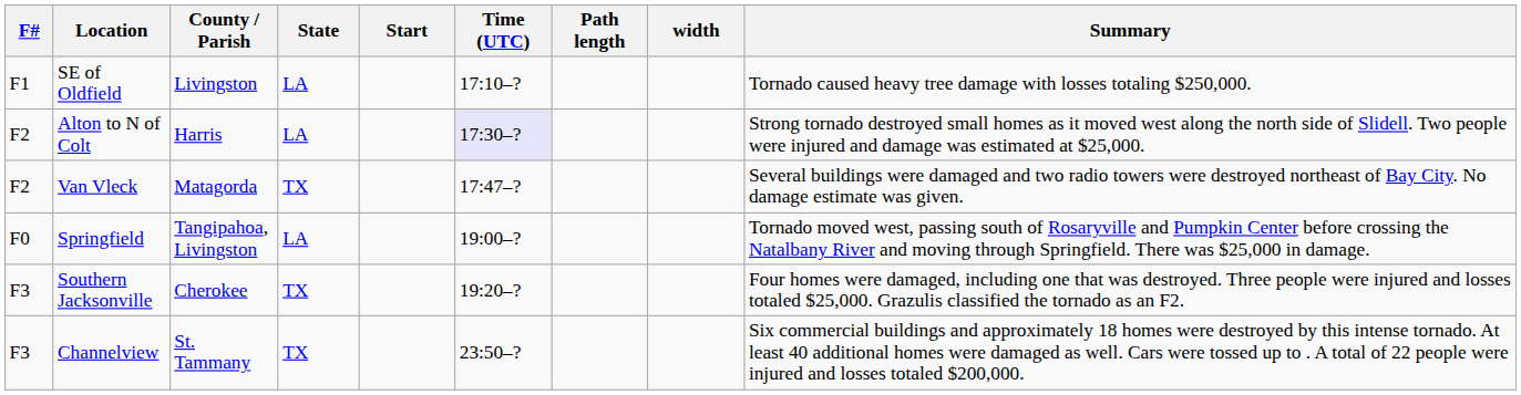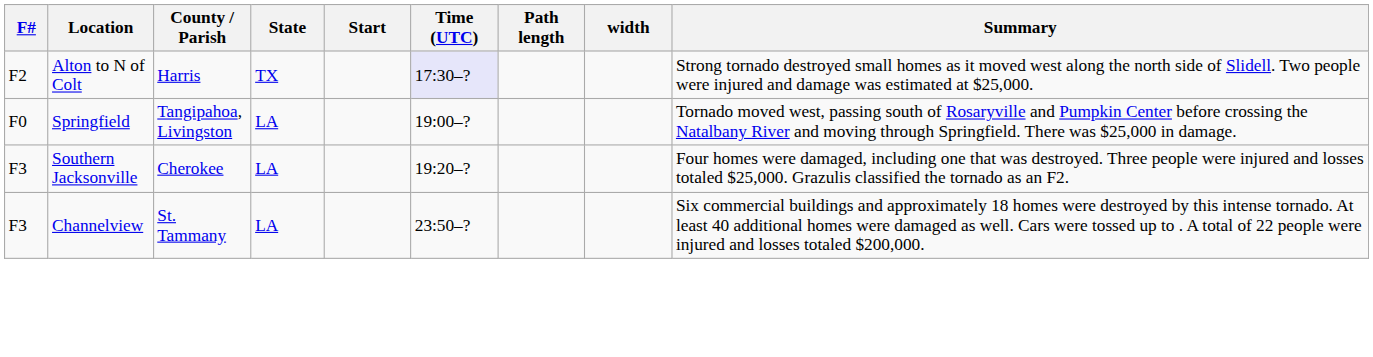 <table class="wikitable sortable" style="width:100%;">
 <tr>
 <th scope="col"  style="width:3%; text-align:center;"><a href='#'>F#</a></th>
 <th scope="col"  style="width:7%; text-align:center;" class="unsortable">Location</th>
 <th scope="col"  style="width:6%; text-align:center;" class="unsortable">County / Parish</th>
 <th scope="col"  style="width:5%; text-align:center;">State</th>
 <th scope="col"  style="width:6%; text-align:center;">Start<br></th>
 <th scope="col"  style="width:6%; text-align:center;">Time (<a href='#'>UTC</a>)</th>
 <th scope="col"  style="width:6%; text-align:center;">Path length</th>
 <th scope="col"  style="width:6%; text-align:center;"> width</th>
 <th scope="col" class="unsortable" style="width:48%; text-align:center;">Summary</th>
 </tr>
 <tr>
-<td>F1</td>
-<td>SE of <a href='#'>Oldfield</a></td>
-<td><a href='#'>Livingston</a></td>
-<td><a href='#'>LA</a></td>
-<td></td>
-<td>17:10–?</td>
-<td></td>
-<td></td>
-<td>Tornado caused heavy tree damage with losses totaling $250,000.</td>
-</tr>
-<tr>
 <td>F2</td>
 <td><a href='#'>Alton</a> to N of <a href='#'>Colt</a></td>
 <td><a href='#'>Harris</a></td>
-<td><a href='#'>LA</a></td>
+<td><a href='#'>TX</a></td>
 <td></td>
 <td style="background: lavender;">17:30–?</td>
 <td></td>
 <td></td>
 <td>Strong tornado destroyed small homes as it moved west along the north side of <a href='#'>Slidell</a>. Two people were injured and damage was estimated at $25,000.</td>
-</tr>
-<tr>
-<td>F2</td>
-<td><a href='#'>Van Vleck</a></td>
-<td><a href='#'>Matagorda</a></td>
-<td><a href='#'>TX</a></td>
-<td></td>
-<td>17:47–?</td>
-<td></td>
-<td></td>
-<td>Several buildings were damaged and two radio towers were destroyed northeast of <a href='#'>Bay City</a>. No damage estimate was given.</td>
 </tr>
 <tr>
 <td>F0</td>
 <td><a href='#'>Springfield</a></td>
 <td><a href='#'>Tangipahoa</a>, <a href='#'>Livingston</a></td>
 <td><a href='#'>LA</a></td>
 <td></td>
 <td>19:00–?</td>
 <td></td>
 <td></td>
 <td>Tornado moved west, passing south of <a href='#'>Rosaryville</a> and <a href='#'>Pumpkin Center</a> before crossing the <a href='#'>Natalbany River</a> and moving through Springfield. There was $25,000 in damage.</td>
 </tr>
 <tr>
 <td>F3</td>
 <td><a href='#'>Southern Jacksonville</a></td>
 <td><a href='#'>Cherokee</a></td>
-<td><a href='#'>TX</a></td>
+<td><a href='#'>LA</a></td>
 <td></td>
 <td>19:20–?</td>
 <td></td>
 <td></td>
 <td>Four homes were damaged, including one that was destroyed. Three people were injured and losses totaled $25,000. Grazulis classified the tornado as an F2.</td>
 </tr>
 <tr>
 <td>F3</td>
 <td><a href='#'>Channelview</a></td>
 <td><a href='#'>St. Tammany</a></td>
-<td><a href='#'>TX</a></td>
+<td><a href='#'>LA</a></td>
 <td></td>
 <td>23:50–?</td>
 <td></td>
 <td></td>
 <td>Six commercial buildings and approximately 18 homes were destroyed by this intense tornado. At least 40 additional homes were damaged as well. Cars were tossed up to . A total of 22 people were injured and losses totaled $200,000.</td>
 </tr>
 </table>
